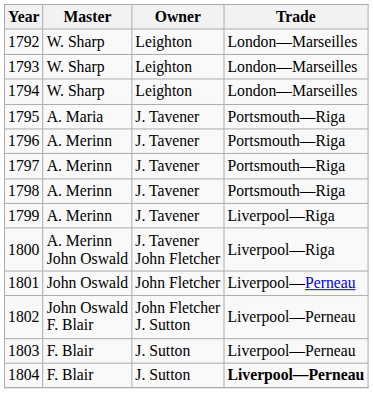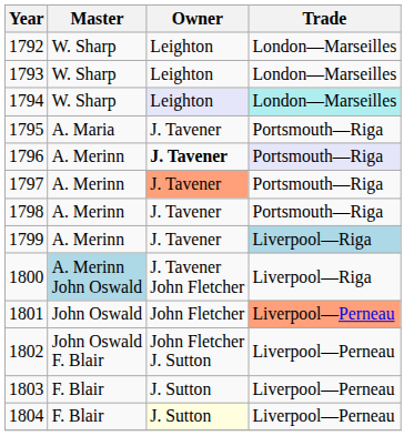 <table class="sortable wikitable">
 <tr>
 <th>Year</th>
 <th>Master</th>
 <th>Owner</th>
 <th>Trade</th>
 </tr>
 <tr>
 <td>1792</td>
 <td>W. Sharp</td>
 <td>Leighton</td>
 <td>London—Marseilles</td>
 </tr>
 <tr>
 <td>1793</td>
 <td>W. Sharp</td>
 <td>Leighton</td>
 <td>London—Marseilles</td>
 </tr>
 <tr>
 <td>1794</td>
 <td>W. Sharp</td>
-<td>Leighton</td>
-<td>London—Marseilles</td>
+<td style="background: lavender;">Leighton</td>
+<td style="background: paleturquoise;">London—Marseilles</td>
 </tr>
 <tr>
 <td>1795</td>
 <td>A. Maria</td>
 <td>J. Tavener</td>
 <td>Portsmouth—Riga</td>
 </tr>
 <tr>
 <td>1796</td>
 <td>A. Merinn</td>
-<td>J. Tavener</td>
-<td>Portsmouth—Riga</td>
+<td><strong>J. Tavener</strong></td>
+<td style="background: lavender;">Portsmouth—Riga</td>
 </tr>
 <tr>
 <td>1797</td>
 <td>A. Merinn</td>
-<td>J. Tavener</td>
+<td style="background: lightsalmon;">J. Tavener</td>
 <td>Portsmouth—Riga</td>
 </tr>
 <tr>
 <td>1798</td>
 <td>A. Merinn</td>
 <td>J. Tavener</td>
 <td>Portsmouth—Riga</td>
 </tr>
 <tr>
 <td>1799</td>
 <td>A. Merinn</td>
 <td>J. Tavener</td>
-<td>Liverpool—Riga</td>
+<td style="background: lightblue;">Liverpool—Riga</td>
 </tr>
 <tr>
 <td>1800</td>
-<td>A. Merinn<br>John Oswald</td>
+<td style="background: lightblue;">A. Merinn<br>John Oswald</td>
 <td>J. Tavener<br>John Fletcher</td>
 <td>Liverpool—Riga</td>
 </tr>
 <tr>
 <td>1801</td>
 <td>John Oswald</td>
 <td>John Fletcher</td>
-<td>Liverpool—<a href='#'>Perneau</a></td>
+<td style="background: lightsalmon;">Liverpool—<a href='#'>Perneau</a></td>
 </tr>
 <tr>
 <td>1802</td>
 <td>John Oswald<br>F. Blair</td>
 <td>John Fletcher<br>J. Sutton</td>
 <td>Liverpool—Perneau</td>
 </tr>
 <tr>
 <td>1803</td>
 <td>F. Blair</td>
 <td>J. Sutton</td>
 <td>Liverpool—Perneau</td>
 </tr>
 <tr>
 <td>1804</td>
 <td>F. Blair</td>
-<td>J. Sutton</td>
-<td><strong>Liverpool—Perneau</strong></td>
+<td style="background: lightyellow;">J. Sutton</td>
+<td>Liverpool—Perneau</td>
 </tr>
 <tr>
 </tr>
 </table>
